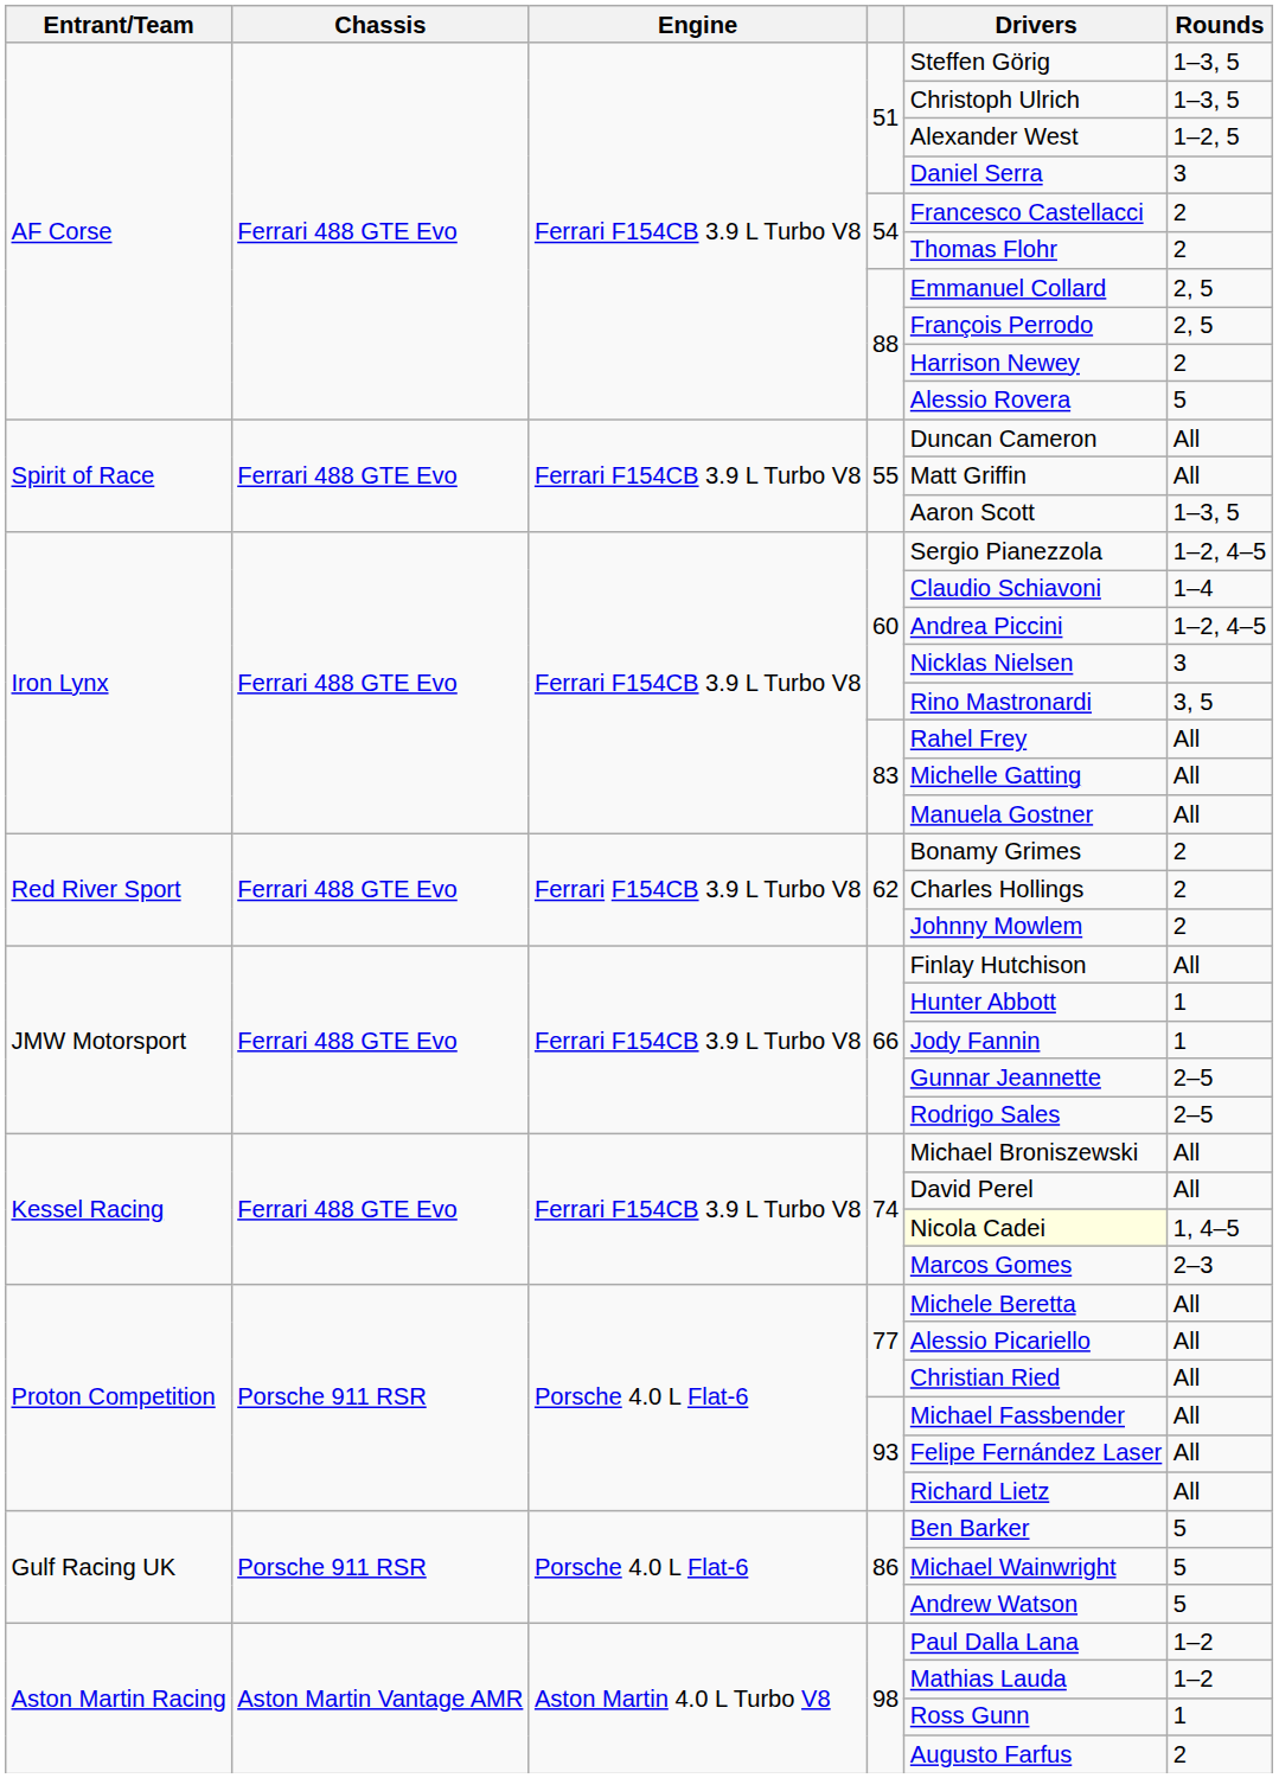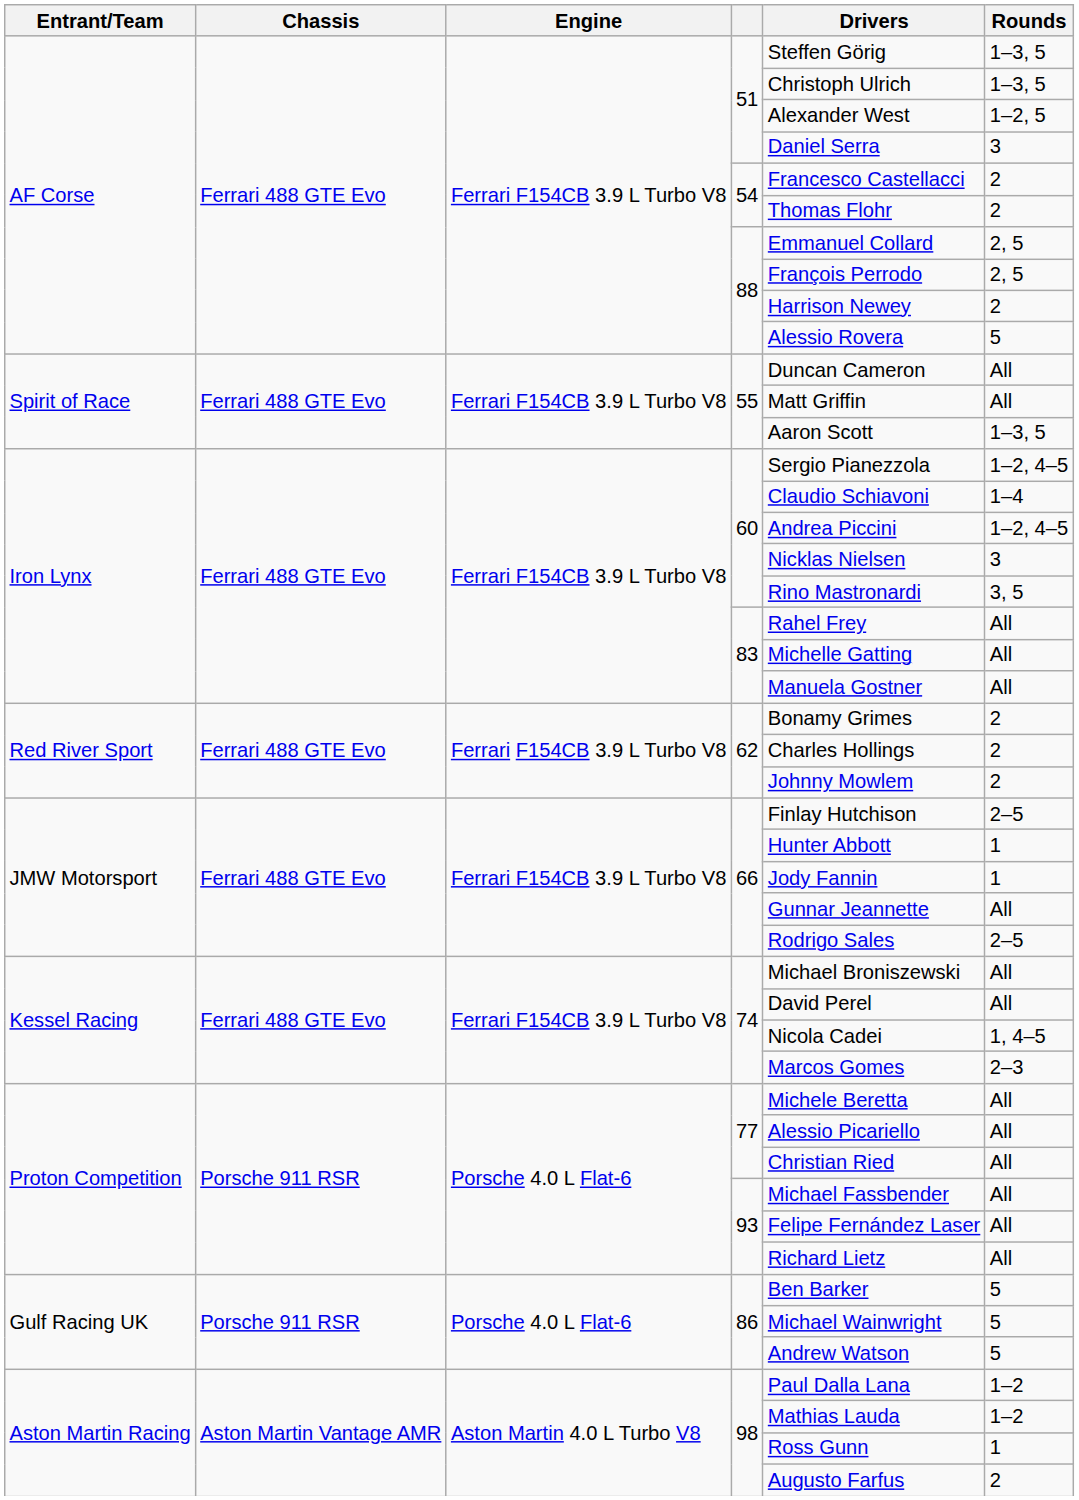 <table class="wikitable" style="font-size: 85%;">
 <tr>
 <th>Entrant/Team</th>
 <th>Chassis</th>
 <th>Engine</th>
 <th></th>
 <th>Drivers</th>
 <th>Rounds</th>
 </tr>
 <tr>
 <td rowspan="10"> <a href='#'>AF Corse</a></td>
 <td rowspan="10"><a href='#'>Ferrari 488 GTE Evo</a></td>
 <td rowspan="10"><a href='#'>Ferrari F154CB</a> 3.9 L Turbo V8</td>
 <td rowspan="4" align="center">51</td>
 <td> Steffen Görig</td>
 <td>1–3, 5</td>
 </tr>
 <tr>
 <td> Christoph Ulrich</td>
 <td>1–3, 5</td>
 </tr>
 <tr>
 <td> Alexander West</td>
 <td>1–2, 5</td>
 </tr>
 <tr>
 <td> <a href='#'>Daniel Serra</a></td>
 <td>3</td>
 </tr>
 <tr>
 <td align="center" rowspan=2>54</td>
 <td> <a href='#'>Francesco Castellacci</a></td>
 <td>2</td>
 </tr>
 <tr>
 <td> <a href='#'>Thomas Flohr</a></td>
 <td>2</td>
 </tr>
 <tr>
 <td align="center" rowspan=4>88</td>
 <td> <a href='#'>Emmanuel Collard</a></td>
 <td>2, 5</td>
 </tr>
 <tr>
 <td> <a href='#'>François Perrodo</a></td>
 <td>2, 5</td>
 </tr>
 <tr>
 <td> <a href='#'>Harrison Newey</a></td>
 <td>2</td>
 </tr>
 <tr>
 <td> <a href='#'>Alessio Rovera</a></td>
 <td>5</td>
 </tr>
 <tr>
 <td rowspan=3> <a href='#'>Spirit of Race</a></td>
 <td rowspan=3><a href='#'>Ferrari 488 GTE Evo</a></td>
 <td rowspan=3><a href='#'>Ferrari F154CB</a> 3.9 L Turbo V8</td>
 <td align="center" rowspan=3>55</td>
 <td> Duncan Cameron</td>
 <td>All</td>
 </tr>
 <tr>
 <td> Matt Griffin</td>
 <td>All</td>
 </tr>
 <tr>
 <td> Aaron Scott</td>
 <td>1–3, 5</td>
 </tr>
 <tr>
 <td rowspan=8> <a href='#'>Iron Lynx</a></td>
 <td rowspan=8><a href='#'>Ferrari 488 GTE Evo</a></td>
 <td rowspan=8><a href='#'>Ferrari F154CB</a> 3.9 L Turbo V8</td>
 <td align="center" rowspan=5>60</td>
 <td> Sergio Pianezzola</td>
 <td>1–2, 4–5</td>
 </tr>
 <tr>
 <td> <a href='#'>Claudio Schiavoni</a></td>
 <td>1–4</td>
 </tr>
 <tr>
 <td> <a href='#'>Andrea Piccini</a></td>
 <td>1–2, 4–5</td>
 </tr>
 <tr>
 <td> <a href='#'>Nicklas Nielsen</a></td>
 <td>3</td>
 </tr>
 <tr>
 <td> <a href='#'>Rino Mastronardi</a></td>
 <td>3, 5</td>
 </tr>
 <tr>
 <td align="center" rowspan=3>83</td>
 <td> <a href='#'>Rahel Frey</a></td>
 <td>All</td>
 </tr>
 <tr>
 <td> <a href='#'>Michelle Gatting</a></td>
 <td>All</td>
 </tr>
 <tr>
 <td> <a href='#'>Manuela Gostner</a></td>
 <td>All</td>
 </tr>
 <tr>
 <td rowspan=3> <a href='#'>Red River Sport</a></td>
 <td rowspan=3><a href='#'>Ferrari 488 GTE Evo</a></td>
 <td rowspan=3><a href='#'>Ferrari</a> <a href='#'>F154CB</a> 3.9 L Turbo V8</td>
 <td align="center" rowspan=3>62</td>
 <td> Bonamy Grimes</td>
 <td>2</td>
 </tr>
 <tr>
 <td> Charles Hollings</td>
 <td>2</td>
 </tr>
 <tr>
 <td> <a href='#'>Johnny Mowlem</a></td>
 <td>2</td>
 </tr>
 <tr>
 <td rowspan=5> JMW Motorsport</td>
 <td rowspan=5><a href='#'>Ferrari 488 GTE Evo</a></td>
 <td rowspan=5><a href='#'>Ferrari F154CB</a> 3.9 L Turbo V8</td>
 <td align="center" rowspan=5>66</td>
 <td> Finlay Hutchison</td>
-<td>All</td>
+<td>2–5</td>
 </tr>
 <tr>
 <td> <a href='#'>Hunter Abbott</a></td>
 <td>1</td>
 </tr>
 <tr>
 <td> <a href='#'>Jody Fannin</a></td>
 <td>1</td>
 </tr>
 <tr>
 <td> <a href='#'>Gunnar Jeannette</a></td>
-<td>2–5</td>
+<td>All</td>
 </tr>
 <tr>
 <td> <a href='#'>Rodrigo Sales</a></td>
 <td>2–5</td>
 </tr>
 <tr>
 <td rowspan=4> <a href='#'>Kessel Racing</a></td>
 <td rowspan=4><a href='#'>Ferrari 488 GTE Evo</a></td>
 <td rowspan=4><a href='#'>Ferrari F154CB</a> 3.9 L Turbo V8</td>
 <td align="center" rowspan=4>74</td>
 <td> Michael Broniszewski</td>
 <td>All</td>
 </tr>
 <tr>
 <td> David Perel</td>
 <td>All</td>
 </tr>
 <tr>
-<td style="background: lightyellow;"> Nicola Cadei</td>
+<td> Nicola Cadei</td>
 <td>1, 4–5</td>
 </tr>
 <tr>
 <td> <a href='#'>Marcos Gomes</a></td>
 <td>2–3</td>
 </tr>
 <tr>
 <td rowspan=6> <a href='#'>Proton Competition</a></td>
 <td rowspan=6><a href='#'>Porsche 911 RSR</a></td>
 <td rowspan=6><a href='#'>Porsche</a> 4.0 L <a href='#'>Flat-6</a></td>
 <td align="center" rowspan=3>77</td>
 <td> <a href='#'>Michele Beretta</a></td>
 <td>All</td>
 </tr>
 <tr>
 <td> <a href='#'>Alessio Picariello</a></td>
 <td>All</td>
 </tr>
 <tr>
 <td> <a href='#'>Christian Ried</a></td>
 <td>All</td>
 </tr>
 <tr>
 <td align="center" rowspan=3>93</td>
 <td> <a href='#'>Michael Fassbender</a></td>
 <td>All</td>
 </tr>
 <tr>
 <td> <a href='#'>Felipe Fernández Laser</a></td>
 <td>All</td>
 </tr>
 <tr>
 <td> <a href='#'>Richard Lietz</a></td>
 <td>All</td>
 </tr>
 <tr>
 <td rowspan=3> Gulf Racing UK</td>
 <td rowspan=3><a href='#'>Porsche 911 RSR</a></td>
 <td rowspan=3><a href='#'>Porsche</a> 4.0 L <a href='#'>Flat-6</a></td>
 <td align="center" rowspan=3>86</td>
 <td> <a href='#'>Ben Barker</a></td>
 <td>5</td>
 </tr>
 <tr>
 <td> <a href='#'>Michael Wainwright</a></td>
 <td>5</td>
 </tr>
 <tr>
 <td> <a href='#'>Andrew Watson</a></td>
 <td>5</td>
 </tr>
 <tr>
 <td rowspan=4> <a href='#'>Aston Martin Racing</a></td>
 <td rowspan=4><a href='#'>Aston Martin Vantage AMR</a></td>
 <td rowspan=4><a href='#'>Aston Martin</a> 4.0 L Turbo <a href='#'>V8</a></td>
 <td align="center" rowspan=4>98</td>
 <td> <a href='#'>Paul Dalla Lana</a></td>
 <td>1–2</td>
 </tr>
 <tr>
 <td> <a href='#'>Mathias Lauda</a></td>
 <td>1–2</td>
 </tr>
 <tr>
 <td> <a href='#'>Ross Gunn</a></td>
 <td>1</td>
 </tr>
 <tr>
 <td> <a href='#'>Augusto Farfus</a></td>
 <td>2</td>
 </tr>
 </table>
